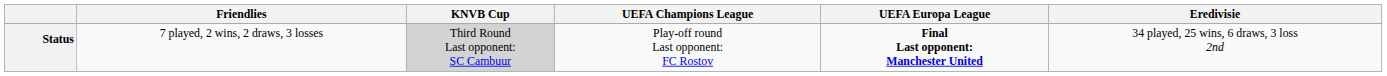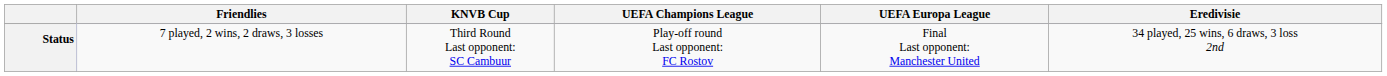 <table class="wikitable" style="width:100%; font-size:85%;">
 <tr>
 <th></th>
 <th style="border-bottom:1px solid #B5B7CF;">Friendlies</th>
 <th style="border-bottom:1px solid #B5B7CF;">KNVB Cup</th>
 <th style="border-bottom:1px solid #B5B7CF;">UEFA Champions League</th>
 <th style="border-bottom:1px solid #B5B7CF;">UEFA Europa League</th>
 <th style="border-bottom:1px solid #B5B7CF;">Eredivisie</th>
 </tr>
 <tr>
 </tr>
 <tr style="font-size:100%;" valign="top">
 <th style="border-right:1px solid #B5B7CF;text-align:right;padding-top:10px;">Status</th>
 <td align=center>7 played, 2 wins, 2 draws, 3 losses</td>
-<td align=center style="background: lightgrey;">Third Round<br>Last opponent:<br> <a href='#'>SC Cambuur</a><br></td>
+<td align=center>Third Round<br>Last opponent:<br> <a href='#'>SC Cambuur</a><br></td>
 <td align=center>Play-off round<br>Last opponent:<br> <a href='#'>FC Rostov</a></td>
-<td align=center><strong>Final<br>Last opponent:<br> <a href='#'>Manchester United</a></strong></td>
+<td align=center>Final<br>Last opponent:<br> <a href='#'>Manchester United</a></td>
 <td align=center>34 played, 25 wins, 6 draws, 3 loss<br><em>2nd</em></td>
 </tr>
 </table>
